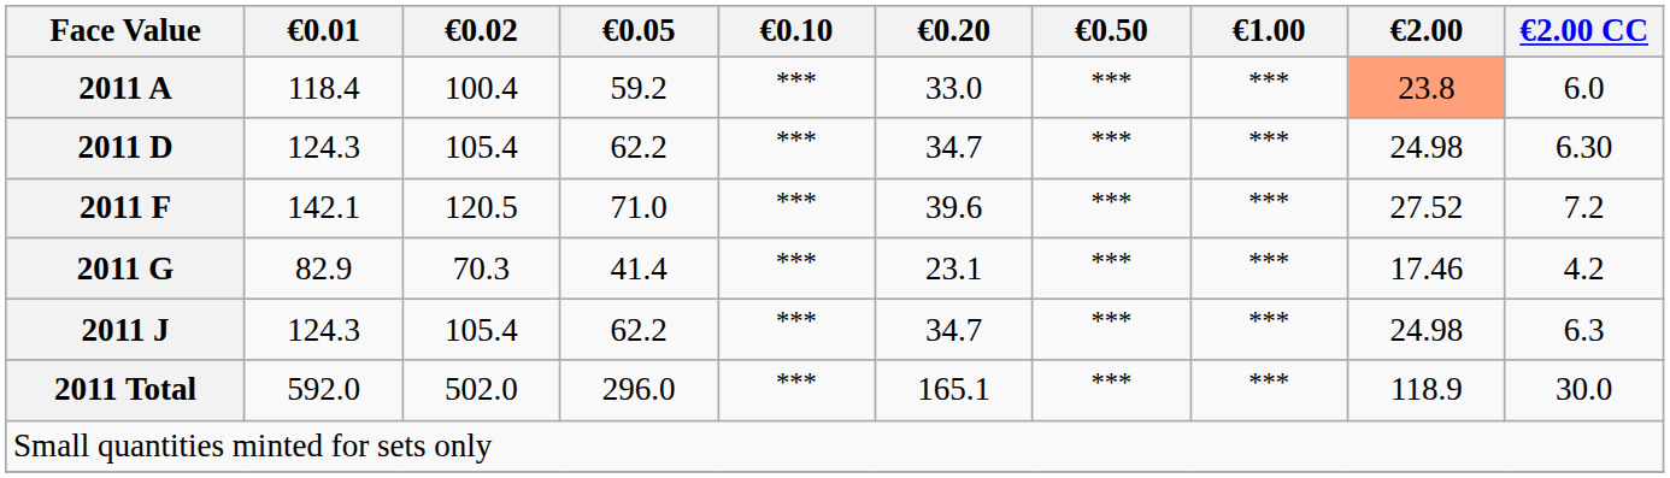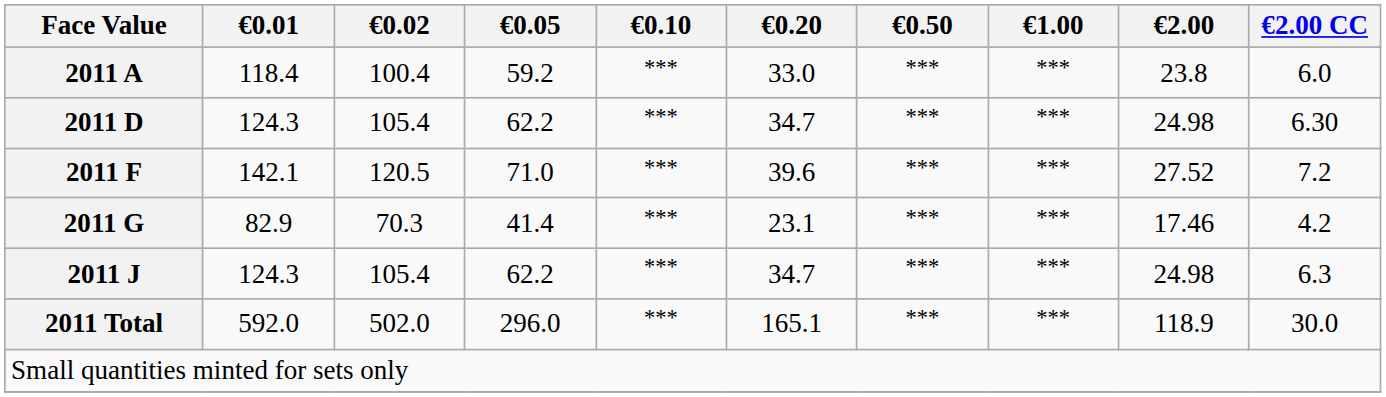 <table class="wikitable" style="text-align:center">
 <tr>
 <th align=left width=110px>Face Value</th>
 <th align=left width=70px>€0.01</th>
 <th align=left width=70px>€0.02</th>
 <th align=left width=70px>€0.05</th>
 <th align=left width=70px>€0.10</th>
 <th align=left width=70px>€0.20</th>
 <th align=left width=70px>€0.50</th>
 <th align=left width=70px>€1.00</th>
 <th align=left width=70px>€2.00</th>
 <th align=left width=70px><a href='#'>€2.00 CC</a></th>
 </tr>
 <tr>
 <th>2011 A</th>
 <td>118.4</td>
 <td>100.4</td>
 <td>59.2</td>
 <td><sup>***</sup></td>
 <td>33.0</td>
 <td><sup>***</sup></td>
 <td><sup>***</sup></td>
-<td style="background: lightsalmon;">23.8</td>
+<td>23.8</td>
 <td>6.0</td>
 </tr>
 <tr>
 <th>2011 D</th>
 <td>124.3</td>
 <td>105.4</td>
 <td>62.2</td>
 <td><sup>***</sup></td>
 <td>34.7</td>
 <td><sup>***</sup></td>
 <td><sup>***</sup></td>
 <td>24.98</td>
 <td>6.30</td>
 </tr>
 <tr>
 <th>2011 F</th>
 <td>142.1</td>
 <td>120.5</td>
 <td>71.0</td>
 <td><sup>***</sup></td>
 <td>39.6</td>
 <td><sup>***</sup></td>
 <td><sup>***</sup></td>
 <td>27.52</td>
 <td>7.2</td>
 </tr>
 <tr>
 <th>2011 G</th>
 <td>82.9</td>
 <td>70.3</td>
 <td>41.4</td>
 <td><sup>***</sup></td>
 <td>23.1</td>
 <td><sup>***</sup></td>
 <td><sup>***</sup></td>
 <td>17.46</td>
 <td>4.2</td>
 </tr>
 <tr>
 <th>2011 J</th>
 <td>124.3</td>
 <td>105.4</td>
 <td>62.2</td>
 <td><sup>***</sup></td>
 <td>34.7</td>
 <td><sup>***</sup></td>
 <td><sup>***</sup></td>
 <td>24.98</td>
 <td>6.3</td>
 </tr>
 <tr>
 <th>2011 Total</th>
 <td>592.0</td>
 <td>502.0</td>
 <td>296.0</td>
 <td><sup>***</sup></td>
 <td>165.1</td>
 <td><sup>***</sup></td>
 <td><sup>***</sup></td>
 <td>118.9</td>
 <td>30.0</td>
 </tr>
 <tr>
 <td align=left colspan=10> Small quantities minted for sets only</td>
 </tr>
 <tr>
 </tr>
 </table>
